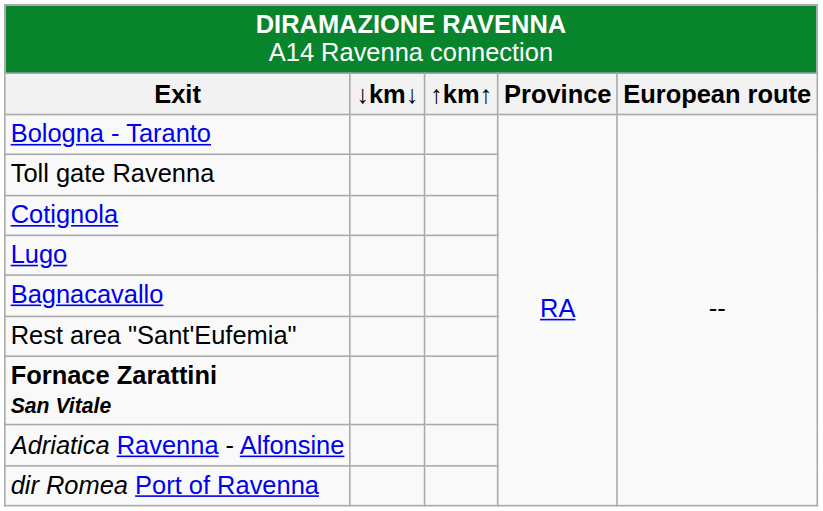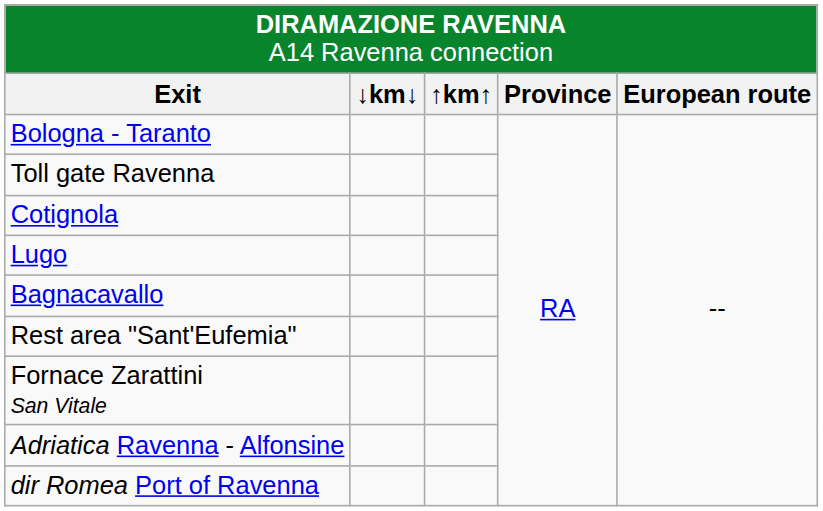 <table class="wikitable">
 <tr>
 </tr>
 <tr align="center" style="color: white;font-size:100%;" bgcolor="#08842c">
 <td colspan="6"><strong></strong> <strong>DIRAMAZIONE RAVENNA</strong><br>A14 Ravenna connection</td>
 </tr>
 <tr>
 <th><strong>Exit</strong></th>
 <th align="center"><strong>↓km↓</strong></th>
 <th align="center"><strong>↑km↑</strong></th>
 <th align="center"><strong>Province</strong></th>
 <th align="center"><strong>European route</strong></th>
 </tr>
 <tr>
 <td>   <a href='#'>Bologna - Taranto</a></td>
 <td align="right"></td>
 <td align="right"></td>
 <td rowspan=9 align="center"><a href='#'>RA</a></td>
 <td rowspan=9 align="center">--</td>
 </tr>
 <tr>
 <td> Toll gate Ravenna</td>
 <td align="right"></td>
 <td align="right"></td>
 </tr>
 <tr>
 <td> <a href='#'>Cotignola</a></td>
 <td align="right"></td>
 <td align="right"></td>
 </tr>
 <tr>
 <td> <a href='#'>Lugo</a></td>
 <td align="right"></td>
 <td align="right"></td>
 </tr>
 <tr>
 <td> <a href='#'>Bagnacavallo</a></td>
 <td align="right"></td>
 <td align="right"></td>
 </tr>
 <tr>
 <td> Rest area "Sant'Eufemia"</td>
 <td align="right"></td>
 <td align="right"></td>
 </tr>
 <tr>
-<td><strong> Fornace Zarattini<br><small> <em>San Vitale</em> </small></strong></td>
+<td> Fornace Zarattini<br><small> <em>San Vitale</em> </small></td>
 <td align="right"></td>
 <td align="right"></td>
 </tr>
 <tr>
 <td>   <em>Adriatica</em> <a href='#'>Ravenna</a> - <a href='#'>Alfonsine</a></td>
 <td align="right"></td>
 <td align="right"></td>
 </tr>
 <tr>
 <td>    <em>dir Romea</em>  <a href='#'>Port of Ravenna</a></td>
 <td align="right"></td>
 <td align="right"></td>
 </tr>
 </table>
